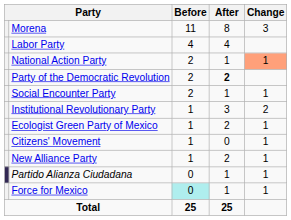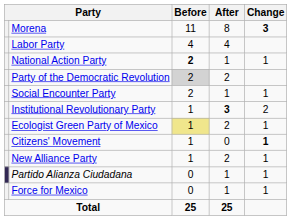 <table class="wikitable" style="text-align:center;">
 <tr>
 <th colspan="2">Party</th>
 <th style="width:3em">Before</th>
 <th style="width:3em">After</th>
 <th style="width:3em">Change</th>
 </tr>
 <tr>
 <th style="background-color:"></th>
 <td style="text-align:left;"><a href='#'>Morena</a></td>
 <td>11</td>
 <td>8</td>
-<td>3</td>
+<td><strong>3</strong></td>
 </tr>
 <tr>
 <th style="background-color:"></th>
 <td style="text-align:left;"><a href='#'>Labor Party</a></td>
 <td>4</td>
 <td>4</td>
 <td></td>
 </tr>
 <tr>
 <th style="background-color:"></th>
 <td style="text-align:left;"><a href='#'>National Action Party</a></td>
-<td>2</td>
+<td><strong>2</strong></td>
 <td>1</td>
-<td style="background: lightsalmon;">1</td>
+<td>1</td>
 </tr>
 <tr>
 <th style="background-color:"></th>
 <td style="text-align:left;"><a href='#'>Party of the Democratic Revolution</a></td>
+<td style="background: lightgrey;">2</td>
 <td>2</td>
-<td><strong>2</strong></td>
 <td></td>
 </tr>
 <tr>
 <th style="background-color:"></th>
 <td style="text-align:left;"><a href='#'>Social Encounter Party</a></td>
 <td>2</td>
 <td>1</td>
 <td>1</td>
 </tr>
 <tr>
 <th style="background-color:"></th>
 <td style="text-align:left;"><a href='#'>Institutional Revolutionary Party</a></td>
 <td>1</td>
-<td>3</td>
+<td><strong>3</strong></td>
 <td>2</td>
 </tr>
 <tr>
 <th style="background-color:"></th>
 <td style="text-align:left;"><a href='#'>Ecologist Green Party of Mexico</a></td>
-<td>1</td>
+<td style="background: khaki;">1</td>
 <td>2</td>
 <td>1</td>
 </tr>
 <tr>
 <th style="background-color:"></th>
 <td style="text-align:left;"><a href='#'>Citizens' Movement</a></td>
 <td>1</td>
 <td>0</td>
-<td>1</td>
+<td><strong>1</strong></td>
 </tr>
 <tr>
 <th style="background-color:"></th>
 <td style="text-align:left;"><a href='#'>New Alliance Party</a></td>
 <td>1</td>
 <td>2</td>
 <td>1</td>
 </tr>
 <tr>
 <th style="background-color:#322854;"></th>
 <td style="text-align:left;"><em>Partido Alianza Ciudadana</em></td>
 <td>0</td>
 <td>1</td>
 <td>1</td>
 </tr>
 <tr>
 <th style="background-color:"></th>
 <td style="text-align:left;"><a href='#'>Force for Mexico</a></td>
-<td style="background: paleturquoise;">0</td>
+<td>0</td>
 <td>1</td>
 <td>1</td>
 </tr>
 <tr>
 <td colspan="2"><strong>Total</strong></td>
 <td><strong>25</strong></td>
 <td><strong>25</strong></td>
 <td></td>
 </tr>
 </table>
